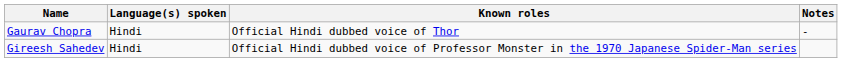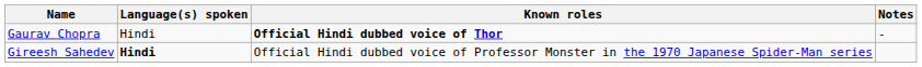 <table class="wikitable sortable">
 <tr>
 <th>Name</th>
 <th>Language(s) spoken</th>
 <th>Known roles</th>
 <th>Notes</th>
 </tr>
 <tr>
 <td><a href='#'>Gaurav Chopra</a></td>
 <td>Hindi</td>
-<td>Official Hindi dubbed voice of <a href='#'>Thor</a></td>
+<td><strong>Official Hindi dubbed voice of <a href='#'>Thor</a></strong></td>
 <td>-</td>
 </tr>
 <tr>
 <td><a href='#'>Gireesh Sahedev</a></td>
-<td>Hindi</td>
+<td><strong>Hindi</strong></td>
 <td>Official Hindi dubbed voice of Professor Monster in <a href='#'>the 1970 Japanese Spider-Man series</a></td>
 </tr>
 </table>
